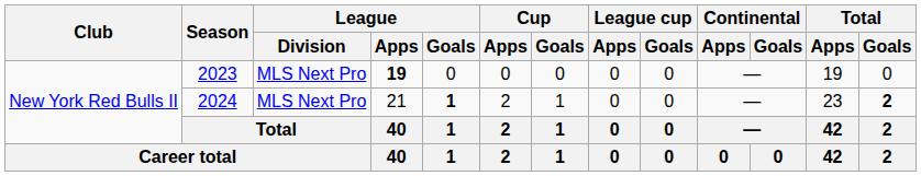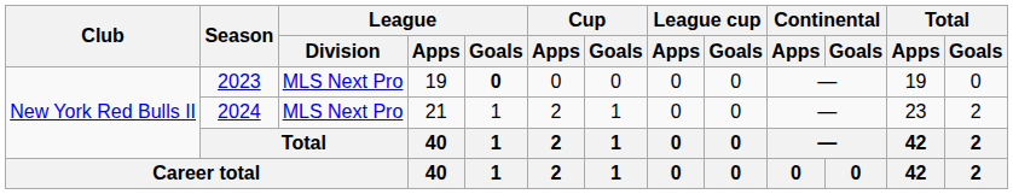 <table class=wikitable style=text-align:center>
 <tr>
 <th rowspan=2>Club</th>
 <th rowspan=2>Season</th>
 <th colspan=3>League</th>
 <th colspan=2>Cup</th>
 <th colspan=2>League cup</th>
 <th colspan=2>Continental</th>
 <th colspan=2>Total</th>
 </tr>
 <tr>
 <th>Division</th>
 <th>Apps</th>
 <th>Goals</th>
 <th>Apps</th>
 <th>Goals</th>
 <th>Apps</th>
 <th>Goals</th>
 <th>Apps</th>
 <th>Goals</th>
 <th>Apps</th>
 <th>Goals</th>
 </tr>
 <tr>
 <td rowspan=3><a href='#'>New York Red Bulls II</a></td>
 <td><a href='#'>2023</a></td>
 <td><a href='#'>MLS Next Pro</a></td>
-<td><strong>19</strong></td>
-<td>0</td>
+<td>19</td>
+<td><strong>0</strong></td>
 <td>0</td>
 <td>0</td>
 <td>0</td>
 <td>0</td>
 <td colspan=2>—</td>
 <td>19</td>
 <td>0</td>
 </tr>
 <tr>
 <td><a href='#'>2024</a></td>
 <td><a href='#'>MLS Next Pro</a></td>
 <td>21</td>
-<td><strong>1</strong></td>
+<td>1</td>
 <td>2</td>
 <td>1</td>
 <td>0</td>
 <td>0</td>
 <td colspan=2>—</td>
 <td>23</td>
-<td><strong>2</strong></td>
+<td>2</td>
 </tr>
 <tr>
 <th colspan=2>Total</th>
 <th>40</th>
 <th>1</th>
 <th>2</th>
 <th>1</th>
 <th>0</th>
 <th>0</th>
 <th colspan=2>—</th>
 <th>42</th>
 <th>2</th>
 </tr>
 <tr>
 <th colspan="3">Career total</th>
 <th>40</th>
 <th>1</th>
 <th>2</th>
 <th>1</th>
 <th>0</th>
 <th>0</th>
 <th>0</th>
 <th>0</th>
 <th>42</th>
 <th>2</th>
 </tr>
 </table>
